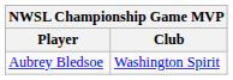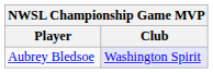 <table class="wikitable">
 <tr>
 <th colspan="2">NWSL Championship Game MVP</th>
 </tr>
 <tr>
 <th>Player</th>
 <th>Club</th>
 </tr>
 <tr>
 <td> <a href='#'>Aubrey Bledsoe</a></td>
-<td><a href='#'>Washington Spirit</a></td>
+<td style="background: lavender;"><a href='#'>Washington Spirit</a></td>
 </tr>
 </table>
